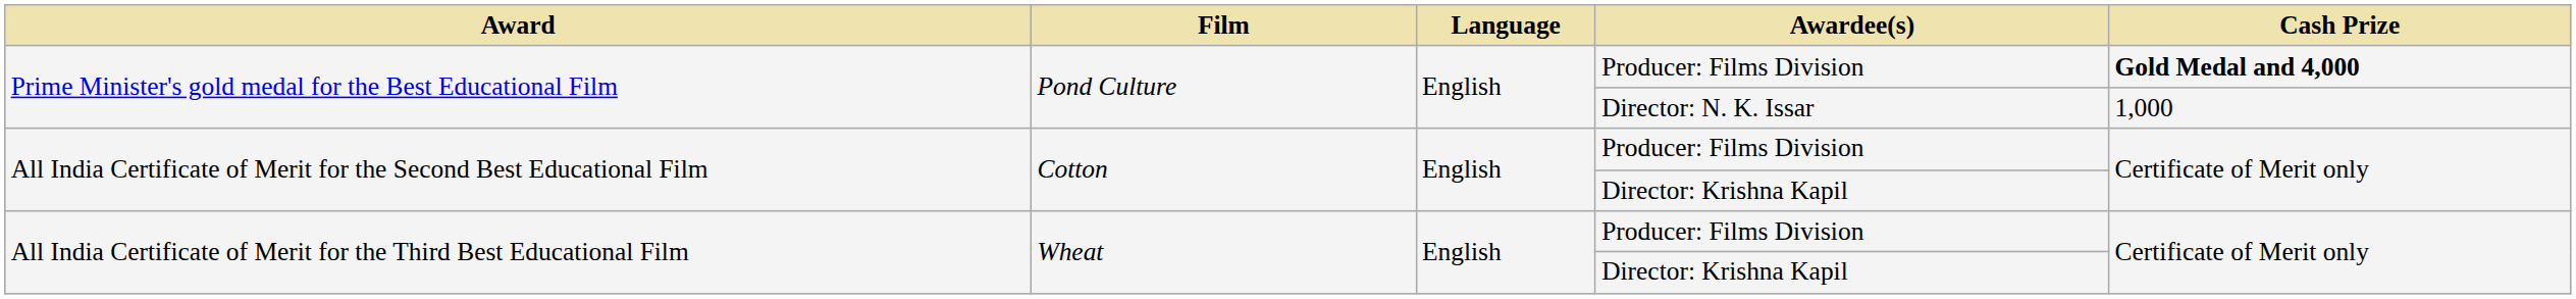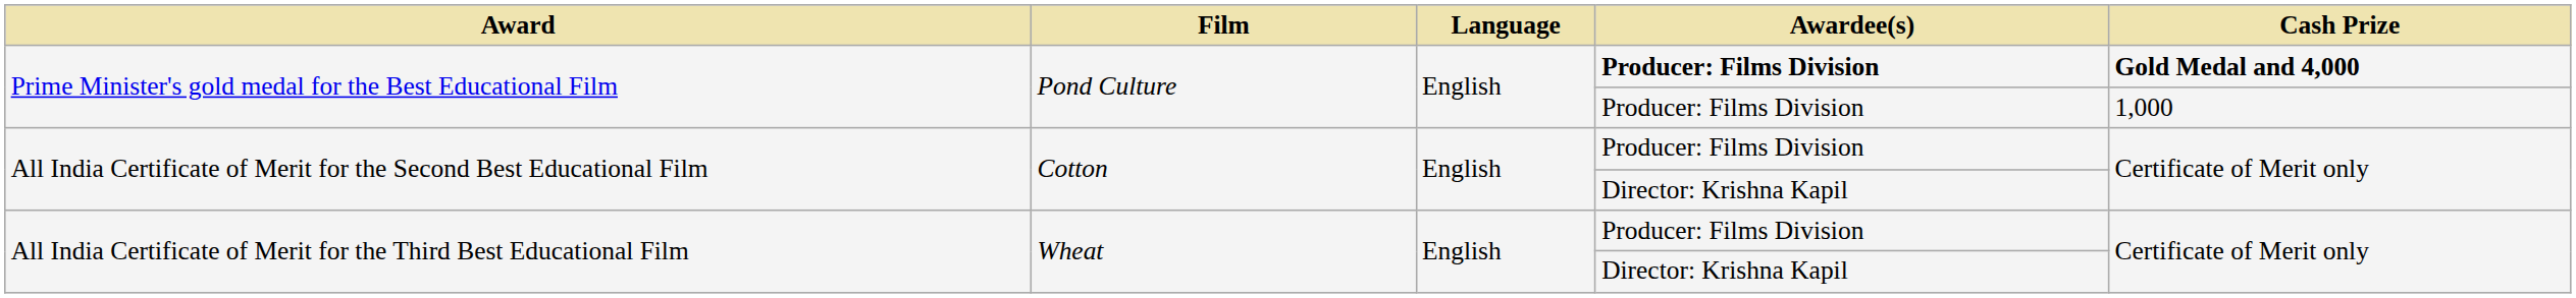 <table class="wikitable sortable" style="width:100%">
 <tr>
 <th style="background-color:#EFE4B0;width:40%;">Award</th>
 <th style="background-color:#EFE4B0;width:15%;">Film</th>
 <th style="background-color:#EFE4B0;width:7%;">Language</th>
 <th style="background-color:#EFE4B0;width:20%;">Awardee(s)</th>
 <th style="background-color:#EFE4B0;width:18%;">Cash Prize</th>
 </tr>
 <tr style="background-color:#F4F4F4">
 <td rowspan="2"><a href='#'>Prime Minister's gold medal for the Best Educational Film</a></td>
 <td rowspan="2"><em>Pond Culture</em></td>
 <td rowspan="2">English</td>
-<td>Producer: Films Division</td>
+<td><strong>Producer: Films Division</strong></td>
 <td><strong>Gold Medal and 4,000</strong></td>
 </tr>
 <tr style="background-color:#F4F4F4">
-<td>Director: N. K. Issar</td>
+<td>Producer: Films Division</td>
 <td>1,000</td>
 </tr>
 <tr style="background-color:#F4F4F4">
 <td rowspan="2">All India Certificate of Merit for the Second Best Educational Film</td>
 <td rowspan="2"><em>Cotton</em></td>
 <td rowspan="2">English</td>
 <td>Producer: Films Division</td>
 <td rowspan="2">Certificate of Merit only</td>
 </tr>
 <tr style="background-color:#F4F4F4">
 <td>Director: Krishna Kapil</td>
 </tr>
 <tr style="background-color:#F4F4F4">
 <td rowspan="2">All India Certificate of Merit for the Third Best Educational Film</td>
 <td rowspan="2"><em>Wheat</em></td>
 <td rowspan="2">English</td>
 <td>Producer: Films Division</td>
 <td rowspan="2">Certificate of Merit only</td>
 </tr>
 <tr style="background-color:#F4F4F4">
 <td>Director: Krishna Kapil</td>
 </tr>
 </table>
